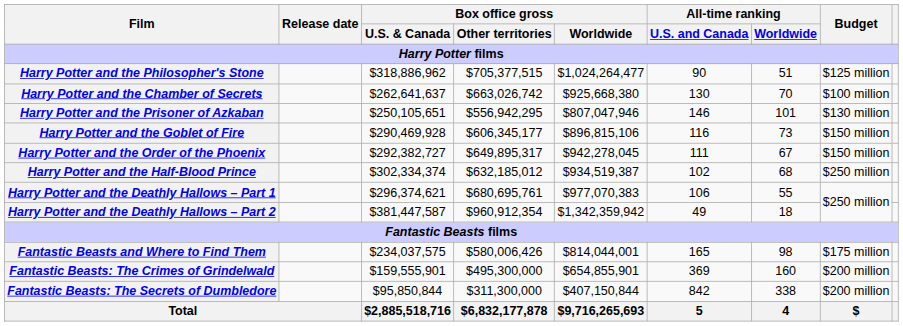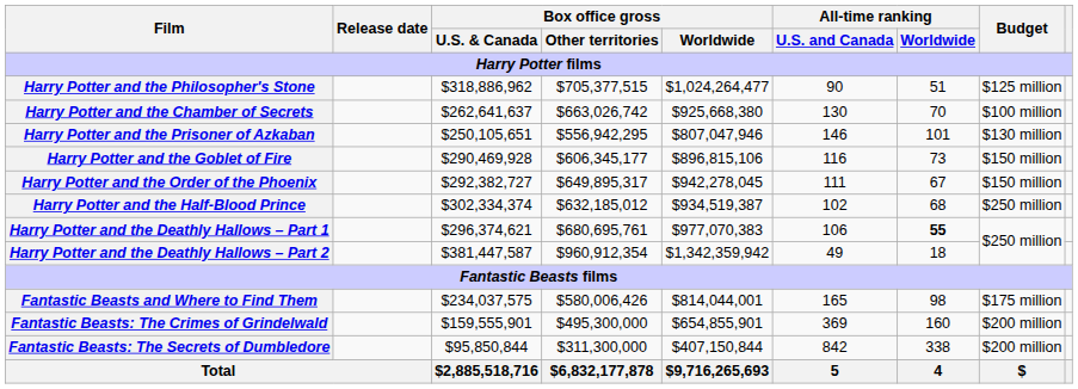 <table class="wikitable plainrowheaders sortable" style="text-align:center">
 <tr>
 <th scope="col" rowspan="2">Film</th>
 <th scope="col" rowspan="2">Release date</th>
 <th colspan="3">Box office gross</th>
 <th scope="col" colspan="2" text="wrap" class=unsortable>All-time ranking</th>
 <th scope="col" rowspan="2">Budget</th>
 <th scope="col" rowspan="2" class=unsortable></th>
 </tr>
 <tr>
 <th scope="col">U.S. & Canada</th>
 <th scope="col">Other territories</th>
 <th scope="col">Worldwide</th>
 <th scope="col"><a href='#'>U.S. and Canada</a></th>
 <th scope="col"><a href='#'>Worldwide</a></th>
 </tr>
 <tr>
 <th colspan="9" style="background-color:#ccccff;"><em>Harry Potter</em> films</th>
 </tr>
 <tr>
 <th scope="row"><em><a href='#'>Harry Potter and the Philosopher's Stone</a></em></th>
 <td></td>
 <td>$318,886,962</td>
 <td>$705,377,515</td>
 <td>$1,024,264,477</td>
 <td>90</td>
 <td>51</td>
 <td>$125 million</td>
 <td></td>
 </tr>
 <tr>
 <th scope="row"><em><a href='#'>Harry Potter and the Chamber of Secrets</a></em></th>
 <td></td>
 <td>$262,641,637</td>
 <td>$663,026,742</td>
 <td>$925,668,380</td>
 <td>130</td>
 <td>70</td>
 <td>$100 million</td>
 <td></td>
 </tr>
 <tr>
 <th scope="row"><em><a href='#'>Harry Potter and the Prisoner of Azkaban</a></em></th>
 <td></td>
 <td>$250,105,651</td>
 <td>$556,942,295</td>
 <td>$807,047,946</td>
 <td>146</td>
 <td>101</td>
 <td>$130 million</td>
 <td></td>
 </tr>
 <tr>
 <th scope="row"><em><a href='#'>Harry Potter and the Goblet of Fire</a></em></th>
 <td></td>
 <td>$290,469,928</td>
 <td>$606,345,177</td>
 <td>$896,815,106</td>
 <td>116</td>
 <td>73</td>
 <td>$150 million</td>
 <td></td>
 </tr>
 <tr>
 <th scope="row"><em><a href='#'>Harry Potter and the Order of the Phoenix</a></em></th>
 <td></td>
 <td>$292,382,727</td>
 <td>$649,895,317</td>
 <td>$942,278,045</td>
 <td>111</td>
 <td>67</td>
 <td>$150 million</td>
 <td></td>
 </tr>
 <tr>
 <th scope="row"><em><a href='#'>Harry Potter and the Half-Blood Prince</a></em></th>
 <td></td>
 <td>$302,334,374</td>
 <td>$632,185,012</td>
 <td>$934,519,387</td>
 <td>102</td>
 <td>68</td>
 <td>$250 million</td>
 <td></td>
 </tr>
 <tr>
 <th scope="row"><em><a href='#'>Harry Potter and the Deathly Hallows – Part 1</a></em></th>
 <td></td>
 <td>$296,374,621</td>
 <td>$680,695,761</td>
 <td>$977,070,383</td>
 <td>106</td>
-<td>55</td>
+<td><strong>55</strong></td>
 <td rowspan="2">$250 million</td>
 <td></td>
 </tr>
 <tr>
 <th scope="row"><em><a href='#'>Harry Potter and the Deathly Hallows – Part 2</a></em></th>
 <td></td>
 <td>$381,447,587</td>
 <td>$960,912,354</td>
 <td>$1,342,359,942</td>
 <td>49</td>
 <td>18</td>
 <td></td>
 </tr>
 <tr>
 <th colspan="9" style="background-color:#ccccff;"><em>Fantastic Beasts</em> films</th>
 </tr>
 <tr>
 <th scope="row"><em><a href='#'>Fantastic Beasts and Where to Find Them</a></em></th>
 <td></td>
 <td>$234,037,575</td>
 <td>$580,006,426</td>
 <td>$814,044,001</td>
 <td>165</td>
 <td>98</td>
 <td>$175 million</td>
 <td></td>
 </tr>
 <tr>
 <th scope="row"><em><a href='#'>Fantastic Beasts: The Crimes of Grindelwald</a></em></th>
 <td></td>
 <td>$159,555,901</td>
 <td>$495,300,000</td>
 <td>$654,855,901</td>
 <td>369</td>
 <td>160</td>
 <td>$200 million</td>
 <td></td>
 </tr>
 <tr>
 <th scope="row"><em><a href='#'>Fantastic Beasts: The Secrets of Dumbledore</a></em></th>
 <td></td>
 <td>$95,850,844</td>
 <td>$311,300,000</td>
 <td>$407,150,844</td>
 <td>842</td>
 <td>338</td>
 <td>$200 million</td>
 <td></td>
 </tr>
 <tr>
 <th colspan="2">Total</th>
 <th>$2,885,518,716</th>
 <th>$6,832,177,878</th>
 <th>$9,716,265,693</th>
 <th>5</th>
 <th>4</th>
 <th>$</th>
 <th><br></th>
 </tr>
 </table>
